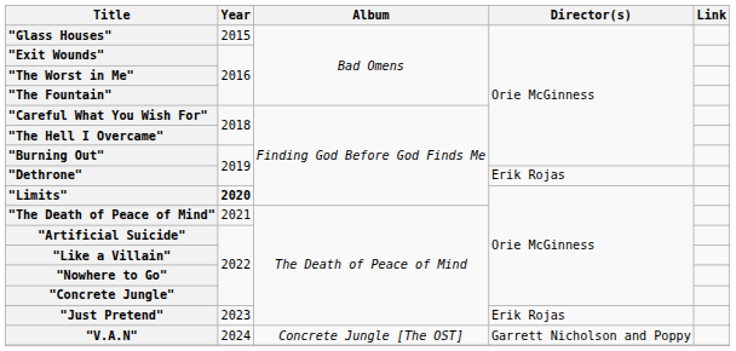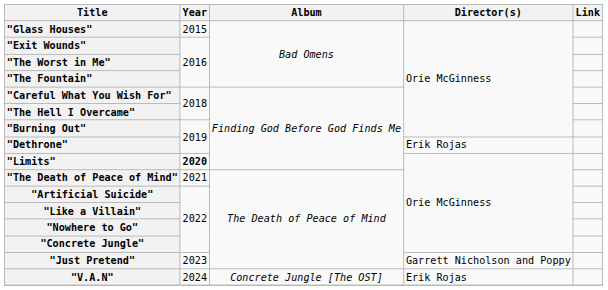 <table class="wikitable plainrowheaders" style="text-align:center;">
 <tr>
 <th scope=col>Title</th>
 <th scope=col>Year</th>
 <th>Album</th>
 <th scope=col>Director(s)</th>
 <th scope=col>Link</th>
 </tr>
 <tr>
 <th scope="row" style="text-align:left;">"Glass Houses"</th>
 <td style="text-align:center;">2015</td>
 <td rowspan="4"><em>Bad Omens</em></td>
 <td style="text-align:left;" rowspan="7">Orie McGinness</td>
 <td></td>
 </tr>
 <tr>
 <th scope="row" style="text-align:left;">"Exit Wounds"</th>
 <td style="text-align:center;" rowspan="3">2016</td>
 <td></td>
 </tr>
 <tr>
 <th scope="row" style="text-align:left;">"The Worst in Me"</th>
 <td></td>
 </tr>
 <tr>
 <th scope="row" style="text-align:left;">"The Fountain"</th>
 <td></td>
 </tr>
 <tr>
 <th scope="row" style="text-align:left;">"Careful What You Wish For"</th>
 <td style="text-align:center;" rowspan="2">2018</td>
 <td rowspan="5"><em>Finding God Before God Finds Me</em></td>
 <td></td>
 </tr>
 <tr>
 <th scope="row" style="text-align:left;">"The Hell I Overcame"</th>
 <td></td>
 </tr>
 <tr>
 <th scope="row" style="text-align:left;">"Burning Out"</th>
 <td style="text-align:center;" rowspan="2">2019</td>
 <td></td>
 </tr>
 <tr>
 <th scope="row" style="text-align:left;">"Dethrone"</th>
 <td style="text-align:left; ">Erik Rojas</td>
 <td></td>
 </tr>
 <tr>
 <th scope="row" style="text-align:left;">"Limits"</th>
 <td><strong>2020</strong></td>
 <td rowspan="6" style="text-align:left; ">Orie McGinness</td>
 <td></td>
 </tr>
 <tr>
 <th scope="row">"The Death of Peace of Mind"</th>
 <td>2021</td>
 <td rowspan="6"><em>The Death of Peace of Mind</em></td>
 <td></td>
 </tr>
 <tr>
 <th scope="row">"Artificial Suicide"</th>
 <td rowspan="4">2022</td>
 <td></td>
 </tr>
 <tr>
 <th scope="row">"Like a Villain"</th>
 <td></td>
 </tr>
 <tr>
 <th scope="row">"Nowhere to Go"</th>
 <td></td>
 </tr>
 <tr>
 <th scope="row">"Concrete Jungle"</th>
 <td></td>
 </tr>
 <tr>
 <th scope="row">"Just Pretend"</th>
 <td>2023</td>
-<td style="text-align:left; ">Erik Rojas</td>
+<td style="text-align:left; ">Garrett Nicholson and Poppy</td>
 <td></td>
 </tr>
 <tr>
 <th scope="row">"V.A.N"</th>
 <td>2024</td>
 <td><em>Concrete Jungle [The OST]</em></td>
-<td style="text-align:left; ">Garrett Nicholson and Poppy</td>
+<td style="text-align:left; ">Erik Rojas</td>
 <td></td>
 </tr>
 <tr>
 </tr>
 </table>
